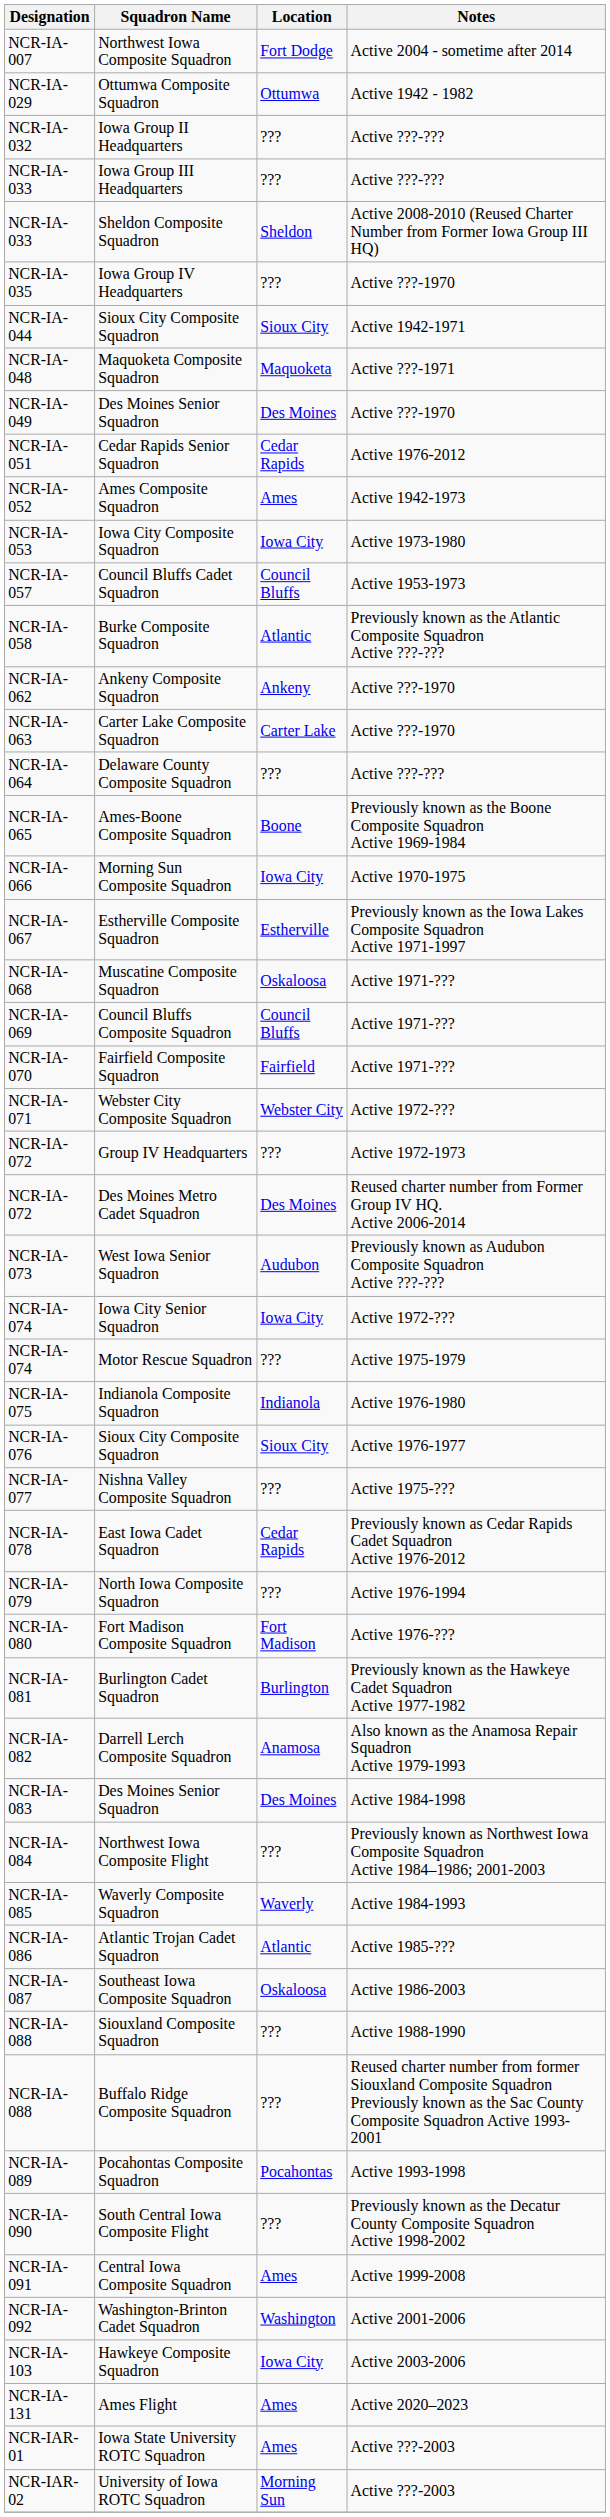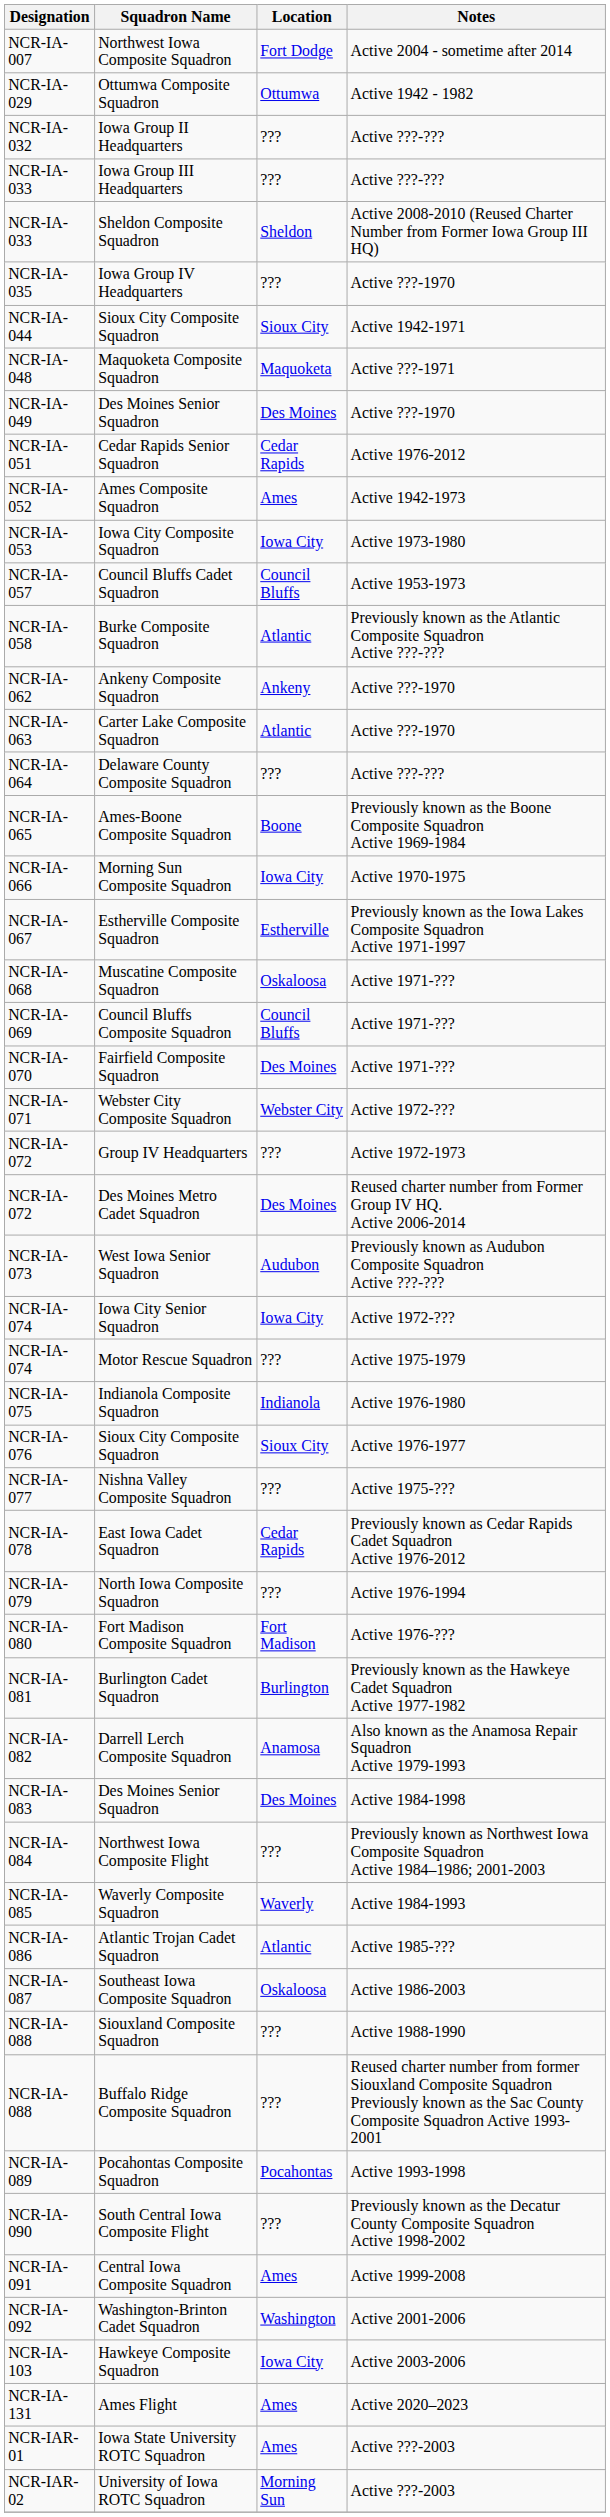 <table class="wikitable">
 <tr>
 <th>Designation </th>
 <th>Squadron Name</th>
 <th>Location</th>
 <th>Notes</th>
 </tr>
 <tr>
 <td>NCR-IA-007</td>
 <td>Northwest Iowa Composite Squadron</td>
 <td><a href='#'>Fort Dodge</a></td>
 <td>Active 2004 - sometime after 2014</td>
 </tr>
 <tr>
 <td>NCR-IA-029</td>
 <td>Ottumwa Composite Squadron</td>
 <td><a href='#'>Ottumwa</a></td>
 <td>Active 1942 - 1982</td>
 </tr>
 <tr>
 <td>NCR-IA-032</td>
 <td>Iowa Group II Headquarters</td>
 <td>???</td>
 <td>Active ???-???</td>
 </tr>
 <tr>
 <td>NCR-IA-033</td>
 <td>Iowa Group III Headquarters</td>
 <td>???</td>
 <td>Active ???-???</td>
 </tr>
 <tr>
 <td>NCR-IA-033</td>
 <td>Sheldon Composite Squadron</td>
 <td><a href='#'>Sheldon</a></td>
 <td>Active 2008-2010 (Reused Charter Number from Former Iowa Group III HQ)</td>
 </tr>
 <tr>
 <td>NCR-IA-035</td>
 <td>Iowa Group IV Headquarters</td>
 <td>???</td>
 <td>Active ???-1970</td>
 </tr>
 <tr>
 <td>NCR-IA-044</td>
 <td>Sioux City Composite Squadron</td>
 <td><a href='#'>Sioux City</a></td>
 <td>Active 1942-1971</td>
 </tr>
 <tr>
 <td>NCR-IA-048</td>
 <td>Maquoketa Composite Squadron</td>
 <td><a href='#'>Maquoketa</a></td>
 <td>Active ???-1971</td>
 </tr>
 <tr>
 <td>NCR-IA-049</td>
 <td>Des Moines Senior Squadron</td>
 <td><a href='#'>Des Moines</a></td>
 <td>Active ???-1970</td>
 </tr>
 <tr>
 <td>NCR-IA-051</td>
 <td>Cedar Rapids Senior Squadron</td>
 <td><a href='#'>Cedar Rapids</a></td>
 <td>Active 1976-2012</td>
 </tr>
 <tr>
 <td>NCR-IA-052</td>
 <td>Ames Composite Squadron</td>
 <td><a href='#'>Ames</a></td>
 <td>Active 1942-1973</td>
 </tr>
 <tr>
 <td>NCR-IA-053</td>
 <td>Iowa City Composite Squadron</td>
 <td><a href='#'>Iowa City</a></td>
 <td>Active 1973-1980</td>
 </tr>
 <tr>
 <td>NCR-IA-057</td>
 <td>Council Bluffs Cadet Squadron</td>
 <td><a href='#'>Council Bluffs</a></td>
 <td>Active 1953-1973</td>
 </tr>
 <tr>
 <td>NCR-IA-058</td>
 <td>Burke Composite Squadron</td>
 <td><a href='#'>Atlantic</a></td>
 <td>Previously known as the Atlantic Composite Squadron<br>Active ???-???</td>
 </tr>
 <tr>
 <td>NCR-IA-062</td>
 <td>Ankeny Composite Squadron</td>
 <td><a href='#'>Ankeny</a></td>
 <td>Active ???-1970</td>
 </tr>
 <tr>
 <td>NCR-IA-063</td>
 <td>Carter Lake Composite Squadron</td>
-<td><a href='#'>Carter Lake</a></td>
+<td><a href='#'>Atlantic</a></td>
 <td>Active ???-1970</td>
 </tr>
 <tr>
 <td>NCR-IA-064</td>
 <td>Delaware County Composite Squadron</td>
 <td>???</td>
 <td>Active ???-???</td>
 </tr>
 <tr>
 <td>NCR-IA-065</td>
 <td>Ames-Boone Composite Squadron</td>
 <td><a href='#'>Boone</a></td>
 <td>Previously known as the Boone Composite Squadron<br>Active 1969-1984</td>
 </tr>
 <tr>
 <td>NCR-IA-066</td>
 <td>Morning Sun Composite Squadron</td>
 <td><a href='#'>Iowa City</a></td>
 <td>Active 1970-1975</td>
 </tr>
 <tr>
 <td>NCR-IA-067</td>
 <td>Estherville Composite Squadron</td>
 <td><a href='#'>Estherville</a></td>
 <td>Previously known as the Iowa Lakes Composite Squadron<br>Active 1971-1997</td>
 </tr>
 <tr>
 <td>NCR-IA-068</td>
 <td>Muscatine Composite Squadron</td>
 <td><a href='#'>Oskaloosa</a></td>
 <td>Active 1971-???</td>
 </tr>
 <tr>
 <td>NCR-IA-069</td>
 <td>Council Bluffs Composite Squadron</td>
 <td><a href='#'>Council Bluffs</a></td>
 <td>Active 1971-???</td>
 </tr>
 <tr>
 <td>NCR-IA-070</td>
 <td>Fairfield Composite Squadron</td>
-<td><a href='#'>Fairfield</a></td>
+<td><a href='#'>Des Moines</a></td>
 <td>Active 1971-???</td>
 </tr>
 <tr>
 <td>NCR-IA-071</td>
 <td>Webster City Composite Squadron</td>
 <td><a href='#'>Webster City</a></td>
 <td>Active 1972-???</td>
 </tr>
 <tr>
 <td>NCR-IA-072</td>
 <td>Group IV Headquarters</td>
 <td>???</td>
 <td>Active 1972-1973</td>
 </tr>
 <tr>
 <td>NCR-IA-072</td>
 <td>Des Moines Metro Cadet Squadron</td>
 <td><a href='#'>Des Moines</a></td>
 <td>Reused charter number from Former Group IV HQ.<br>Active 2006-2014</td>
 </tr>
 <tr>
 <td>NCR-IA-073</td>
 <td>West Iowa Senior Squadron</td>
 <td><a href='#'>Audubon</a></td>
 <td>Previously known as Audubon Composite Squadron<br>Active ???-???</td>
 </tr>
 <tr>
 <td>NCR-IA-074</td>
 <td>Iowa City Senior Squadron</td>
 <td><a href='#'>Iowa City</a></td>
 <td>Active 1972-???</td>
 </tr>
 <tr>
 <td>NCR-IA-074</td>
 <td>Motor Rescue Squadron</td>
 <td>???</td>
 <td>Active 1975-1979</td>
 </tr>
 <tr>
 <td>NCR-IA-075</td>
 <td>Indianola Composite Squadron</td>
 <td><a href='#'>Indianola</a></td>
 <td>Active 1976-1980</td>
 </tr>
 <tr>
 <td>NCR-IA-076</td>
 <td>Sioux City Composite Squadron</td>
 <td><a href='#'>Sioux City</a></td>
 <td>Active 1976-1977</td>
 </tr>
 <tr>
 <td>NCR-IA-077</td>
 <td>Nishna Valley Composite Squadron</td>
 <td>???</td>
 <td>Active 1975-???</td>
 </tr>
 <tr>
 <td>NCR-IA-078</td>
 <td>East Iowa Cadet Squadron</td>
 <td><a href='#'>Cedar Rapids</a></td>
 <td>Previously known as Cedar Rapids Cadet Squadron<br>Active 1976-2012</td>
 </tr>
 <tr>
 <td>NCR-IA-079</td>
 <td>North Iowa Composite Squadron</td>
 <td>???</td>
 <td>Active 1976-1994</td>
 </tr>
 <tr>
 <td>NCR-IA-080</td>
 <td>Fort Madison Composite Squadron</td>
 <td><a href='#'>Fort Madison</a></td>
 <td>Active 1976-???</td>
 </tr>
 <tr>
 <td>NCR-IA-081</td>
 <td>Burlington Cadet Squadron</td>
 <td><a href='#'>Burlington</a></td>
 <td>Previously known as the Hawkeye Cadet Squadron<br>Active 1977-1982</td>
 </tr>
 <tr>
 <td>NCR-IA-082</td>
 <td>Darrell Lerch Composite Squadron</td>
 <td><a href='#'>Anamosa</a></td>
 <td>Also known as the Anamosa Repair Squadron<br>Active 1979-1993</td>
 </tr>
 <tr>
 <td>NCR-IA-083</td>
 <td>Des Moines Senior Squadron</td>
 <td><a href='#'>Des Moines</a></td>
 <td>Active 1984-1998</td>
 </tr>
 <tr>
 <td>NCR-IA-084</td>
 <td>Northwest Iowa Composite Flight</td>
 <td>???</td>
 <td>Previously known as Northwest Iowa Composite Squadron<br>Active 1984–1986; 2001-2003</td>
 </tr>
 <tr>
 <td>NCR-IA-085</td>
 <td>Waverly Composite Squadron</td>
 <td><a href='#'>Waverly</a></td>
 <td>Active 1984-1993</td>
 </tr>
 <tr>
 <td>NCR-IA-086</td>
 <td>Atlantic Trojan Cadet Squadron</td>
 <td><a href='#'>Atlantic</a></td>
 <td>Active 1985-???</td>
 </tr>
 <tr>
 <td>NCR-IA-087</td>
 <td>Southeast Iowa Composite Squadron</td>
 <td><a href='#'>Oskaloosa</a></td>
 <td>Active 1986-2003</td>
 </tr>
 <tr>
 <td>NCR-IA-088</td>
 <td>Siouxland Composite Squadron</td>
 <td>???</td>
 <td>Active 1988-1990</td>
 </tr>
 <tr>
 <td>NCR-IA-088</td>
 <td>Buffalo Ridge Composite Squadron</td>
 <td>???</td>
 <td>Reused charter number from former Siouxland Composite Squadron<br>Previously known as the Sac County Composite Squadron Active 1993-2001</td>
 </tr>
 <tr>
 <td>NCR-IA-089</td>
 <td>Pocahontas Composite Squadron</td>
 <td><a href='#'>Pocahontas</a></td>
 <td>Active 1993-1998</td>
 </tr>
 <tr>
 <td>NCR-IA-090</td>
 <td>South Central Iowa Composite Flight</td>
 <td>???</td>
 <td>Previously known as the Decatur County Composite Squadron<br>Active 1998-2002</td>
 </tr>
 <tr>
 <td>NCR-IA-091</td>
 <td>Central Iowa Composite Squadron</td>
 <td><a href='#'>Ames</a></td>
 <td>Active 1999-2008</td>
 </tr>
 <tr>
 <td>NCR-IA-092</td>
 <td>Washington-Brinton Cadet Squadron</td>
 <td><a href='#'>Washington</a></td>
 <td>Active 2001-2006</td>
 </tr>
 <tr>
 <td>NCR-IA-103</td>
 <td>Hawkeye Composite Squadron</td>
 <td><a href='#'>Iowa City</a></td>
 <td>Active 2003-2006</td>
 </tr>
 <tr>
 <td>NCR-IA-131</td>
 <td>Ames Flight</td>
 <td><a href='#'>Ames</a></td>
 <td>Active 2020–2023</td>
 </tr>
 <tr>
 <td>NCR-IAR-01</td>
 <td>Iowa State University ROTC Squadron</td>
 <td><a href='#'>Ames</a></td>
 <td>Active ???-2003</td>
 </tr>
 <tr>
 <td>NCR-IAR-02</td>
 <td>University of Iowa ROTC Squadron</td>
 <td><a href='#'>Morning Sun</a></td>
 <td>Active ???-2003</td>
 </tr>
 <tr>
 </tr>
 </table>
